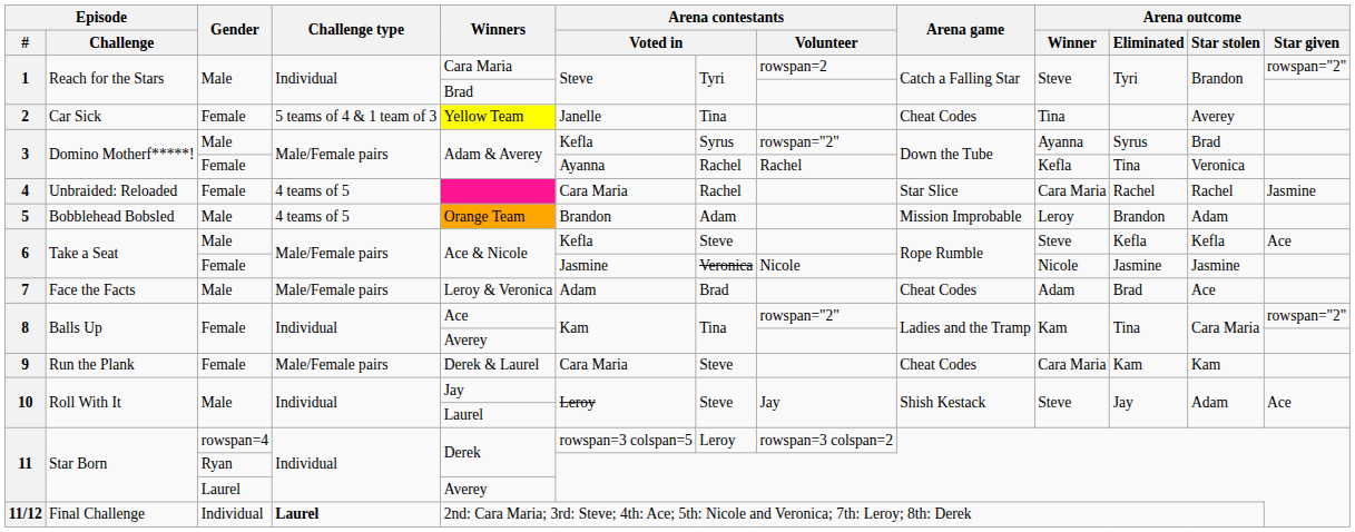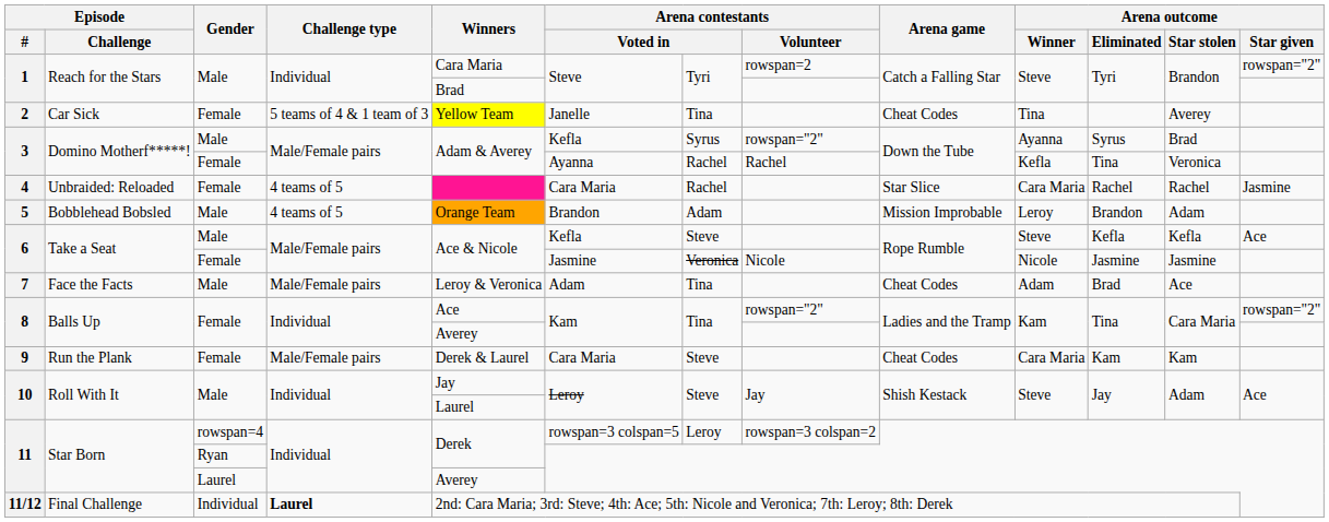 <table class="wikitable" style="font-size:90%; white-space:nowrap">
 <tr>
 <th colspan=2>Episode</th>
 <th rowspan=2>Gender</th>
 <th rowspan=2>Challenge type</th>
 <th rowspan=2>Winners</th>
 <th colspan=3>Arena contestants</th>
 <th rowspan=2>Arena game</th>
 <th colspan="4">Arena outcome</th>
 </tr>
 <tr>
 <th>#</th>
 <th>Challenge</th>
 <th colspan=2>Voted in</th>
 <th>Volunteer</th>
 <th>Winner</th>
 <th>Eliminated</th>
 <th>Star stolen</th>
 <th>Star given</th>
 </tr>
 <tr>
 <th rowspan=2>1</th>
 <td rowspan=2>Reach for the Stars</td>
 <td rowspan=2>Male</td>
 <td rowspan=2>Individual</td>
 <td>Cara Maria</td>
 <td rowspan=2>Steve</td>
 <td rowspan=2>Tyri</td>
 <td>rowspan=2 </td>
 <td rowspan=2>Catch a Falling Star</td>
 <td rowspan=2>Steve</td>
 <td rowspan=2>Tyri</td>
 <td rowspan=2>Brandon</td>
 <td>rowspan="2" </td>
 </tr>
 <tr>
 <td>Brad</td>
 </tr>
 <tr>
 <th>2</th>
 <td>Car Sick</td>
 <td>Female</td>
 <td>5 teams of 4 & 1 team of 3</td>
 <td bgcolor="yellow">Yellow Team</td>
 <td>Janelle</td>
 <td>Tina</td>
 <td></td>
 <td>Cheat Codes</td>
 <td>Tina</td>
 <td></td>
 <td>Averey</td>
 <td></td>
 </tr>
 <tr>
 <th rowspan="2">3</th>
 <td rowspan="2">Domino Motherf*****!</td>
 <td>Male</td>
 <td rowspan="2">Male/Female pairs</td>
 <td rowspan="2">Adam & Averey</td>
 <td>Kefla</td>
 <td>Syrus</td>
 <td>rowspan="2" </td>
 <td rowspan="2">Down the Tube</td>
 <td>Ayanna</td>
 <td>Syrus</td>
 <td>Brad</td>
 <td></td>
 </tr>
 <tr>
 <td>Female</td>
 <td>Ayanna</td>
 <td>Rachel</td>
 <td>Rachel</td>
 <td>Kefla</td>
 <td>Tina</td>
 <td>Veronica</td>
 </tr>
 <tr>
 <th>4</th>
 <td>Unbraided: Reloaded</td>
 <td>Female</td>
 <td>4 teams of 5</td>
 <td bgcolor="deeppink"></td>
 <td>Cara Maria</td>
 <td>Rachel</td>
 <td></td>
 <td>Star Slice</td>
 <td>Cara Maria</td>
 <td>Rachel</td>
 <td>Rachel</td>
 <td>Jasmine</td>
 </tr>
 <tr>
 <th>5</th>
 <td>Bobblehead Bobsled</td>
 <td>Male</td>
 <td>4 teams of 5</td>
 <td bgcolor="orange">Orange Team</td>
 <td>Brandon</td>
 <td>Adam</td>
 <td></td>
 <td>Mission Improbable</td>
 <td>Leroy</td>
 <td>Brandon</td>
 <td>Adam</td>
 <td></td>
 </tr>
 <tr>
 <th rowspan="2">6</th>
 <td rowspan="2">Take a Seat</td>
 <td>Male</td>
 <td rowspan="2">Male/Female pairs</td>
 <td rowspan="2">Ace & Nicole</td>
 <td>Kefla</td>
 <td>Steve</td>
 <td></td>
 <td rowspan="2">Rope Rumble</td>
 <td>Steve</td>
 <td>Kefla</td>
 <td>Kefla</td>
 <td>Ace</td>
 </tr>
 <tr>
 <td>Female</td>
 <td>Jasmine</td>
 <td><s>Veronica</s></td>
 <td>Nicole</td>
 <td>Nicole</td>
 <td>Jasmine</td>
 <td>Jasmine</td>
 <td></td>
 </tr>
 <tr>
 <th>7</th>
 <td>Face the Facts</td>
 <td>Male</td>
 <td>Male/Female pairs</td>
 <td>Leroy & Veronica</td>
 <td>Adam</td>
-<td>Brad</td>
+<td>Tina</td>
 <td></td>
 <td>Cheat Codes</td>
 <td>Adam</td>
 <td>Brad</td>
 <td>Ace</td>
 <td></td>
 </tr>
 <tr>
 <th rowspan="2">8</th>
 <td rowspan="2">Balls Up</td>
 <td rowspan="2">Female</td>
 <td rowspan="2">Individual</td>
 <td>Ace</td>
 <td rowspan="2">Kam</td>
 <td rowspan="2">Tina</td>
 <td>rowspan="2" </td>
 <td rowspan="2">Ladies and the Tramp</td>
 <td rowspan="2">Kam</td>
 <td rowspan="2">Tina</td>
 <td rowspan="2">Cara Maria</td>
 <td>rowspan="2" </td>
 </tr>
 <tr>
 <td>Averey</td>
 </tr>
 <tr>
 <th>9</th>
 <td>Run the Plank</td>
 <td>Female</td>
 <td>Male/Female pairs</td>
 <td>Derek & Laurel</td>
 <td>Cara Maria</td>
 <td>Steve</td>
 <td></td>
 <td>Cheat Codes</td>
 <td>Cara Maria</td>
 <td>Kam</td>
 <td>Kam</td>
 <td></td>
 </tr>
 <tr>
 <th rowspan=2>10</th>
 <td rowspan=2>Roll With It</td>
 <td rowspan=2>Male</td>
 <td rowspan=2>Individual</td>
 <td>Jay</td>
 <td rowspan=2><s>Leroy</s></td>
 <td rowspan=2>Steve</td>
 <td rowspan=2>Jay</td>
 <td rowspan=2>Shish Kestack</td>
 <td rowspan=2>Steve</td>
 <td rowspan=2>Jay</td>
 <td rowspan=2>Adam</td>
 <td rowspan=2>Ace</td>
 </tr>
 <tr>
 <td>Laurel</td>
 </tr>
 <tr>
 <th rowspan=3>11</th>
 <td rowspan=3>Star Born</td>
 <td>rowspan=4 </td>
 <td rowspan=3>Individual</td>
 <td rowspan=2>Derek</td>
 <td>rowspan=3 colspan=5 </td>
 <td>Leroy</td>
 <td>rowspan=3 colspan=2 </td>
 </tr>
 <tr>
 <td>Ryan</td>
 </tr>
 <tr>
 <td>Laurel</td>
 <td>Averey</td>
 </tr>
 <tr>
 <th>11/12</th>
 <td>Final Challenge</td>
 <td>Individual</td>
 <td><strong>Laurel</strong></td>
 <td colspan=8>2nd: Cara Maria; 3rd: Steve; 4th: Ace; 5th: Nicole and Veronica; 7th: Leroy; 8th: Derek</td>
 </tr>
 </table>
